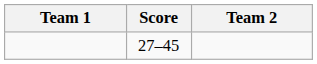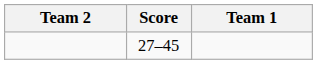 <table class="wikitable" style="text-align: center; font-size:90% ">
 <tr>
+<th align="left" width="100">Team 2</th>
+<th width="50">Score</th>
 <th align="right" width="100">Team 1</th>
-<th width="50">Score</th>
-<th align="left" width="100">Team 2</th>
 </tr>
 <tr>
+<td align=left><strong></strong></td>
+<td align=center>27–45</td>
 <td align=right></td>
-<td align=center>27–45</td>
-<td align=left><strong></strong></td>
 </tr>
 </table>
